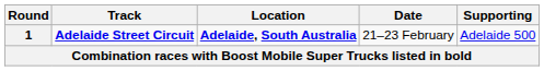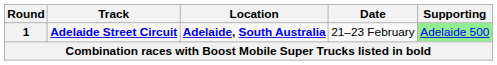 <table class="wikitable" style="font-size: 85%;">
 <tr>
 <th>Round</th>
 <th>Track</th>
 <th>Location</th>
 <th>Date</th>
 <th>Supporting</th>
 </tr>
 <tr>
 <th>1</th>
 <td><strong><a href='#'>Adelaide Street Circuit</a></strong></td>
 <td> <strong><a href='#'>Adelaide</a>, <a href='#'>South Australia</a></strong></td>
 <td>21–23 February</td>
-<td><a href='#'>Adelaide 500</a></td>
+<td style="background: lightgreen;"><a href='#'>Adelaide 500</a></td>
 </tr>
 <tr>
 <th colspan=5>Combination races with Boost Mobile Super Trucks listed in bold</th>
 </tr>
 </table>
